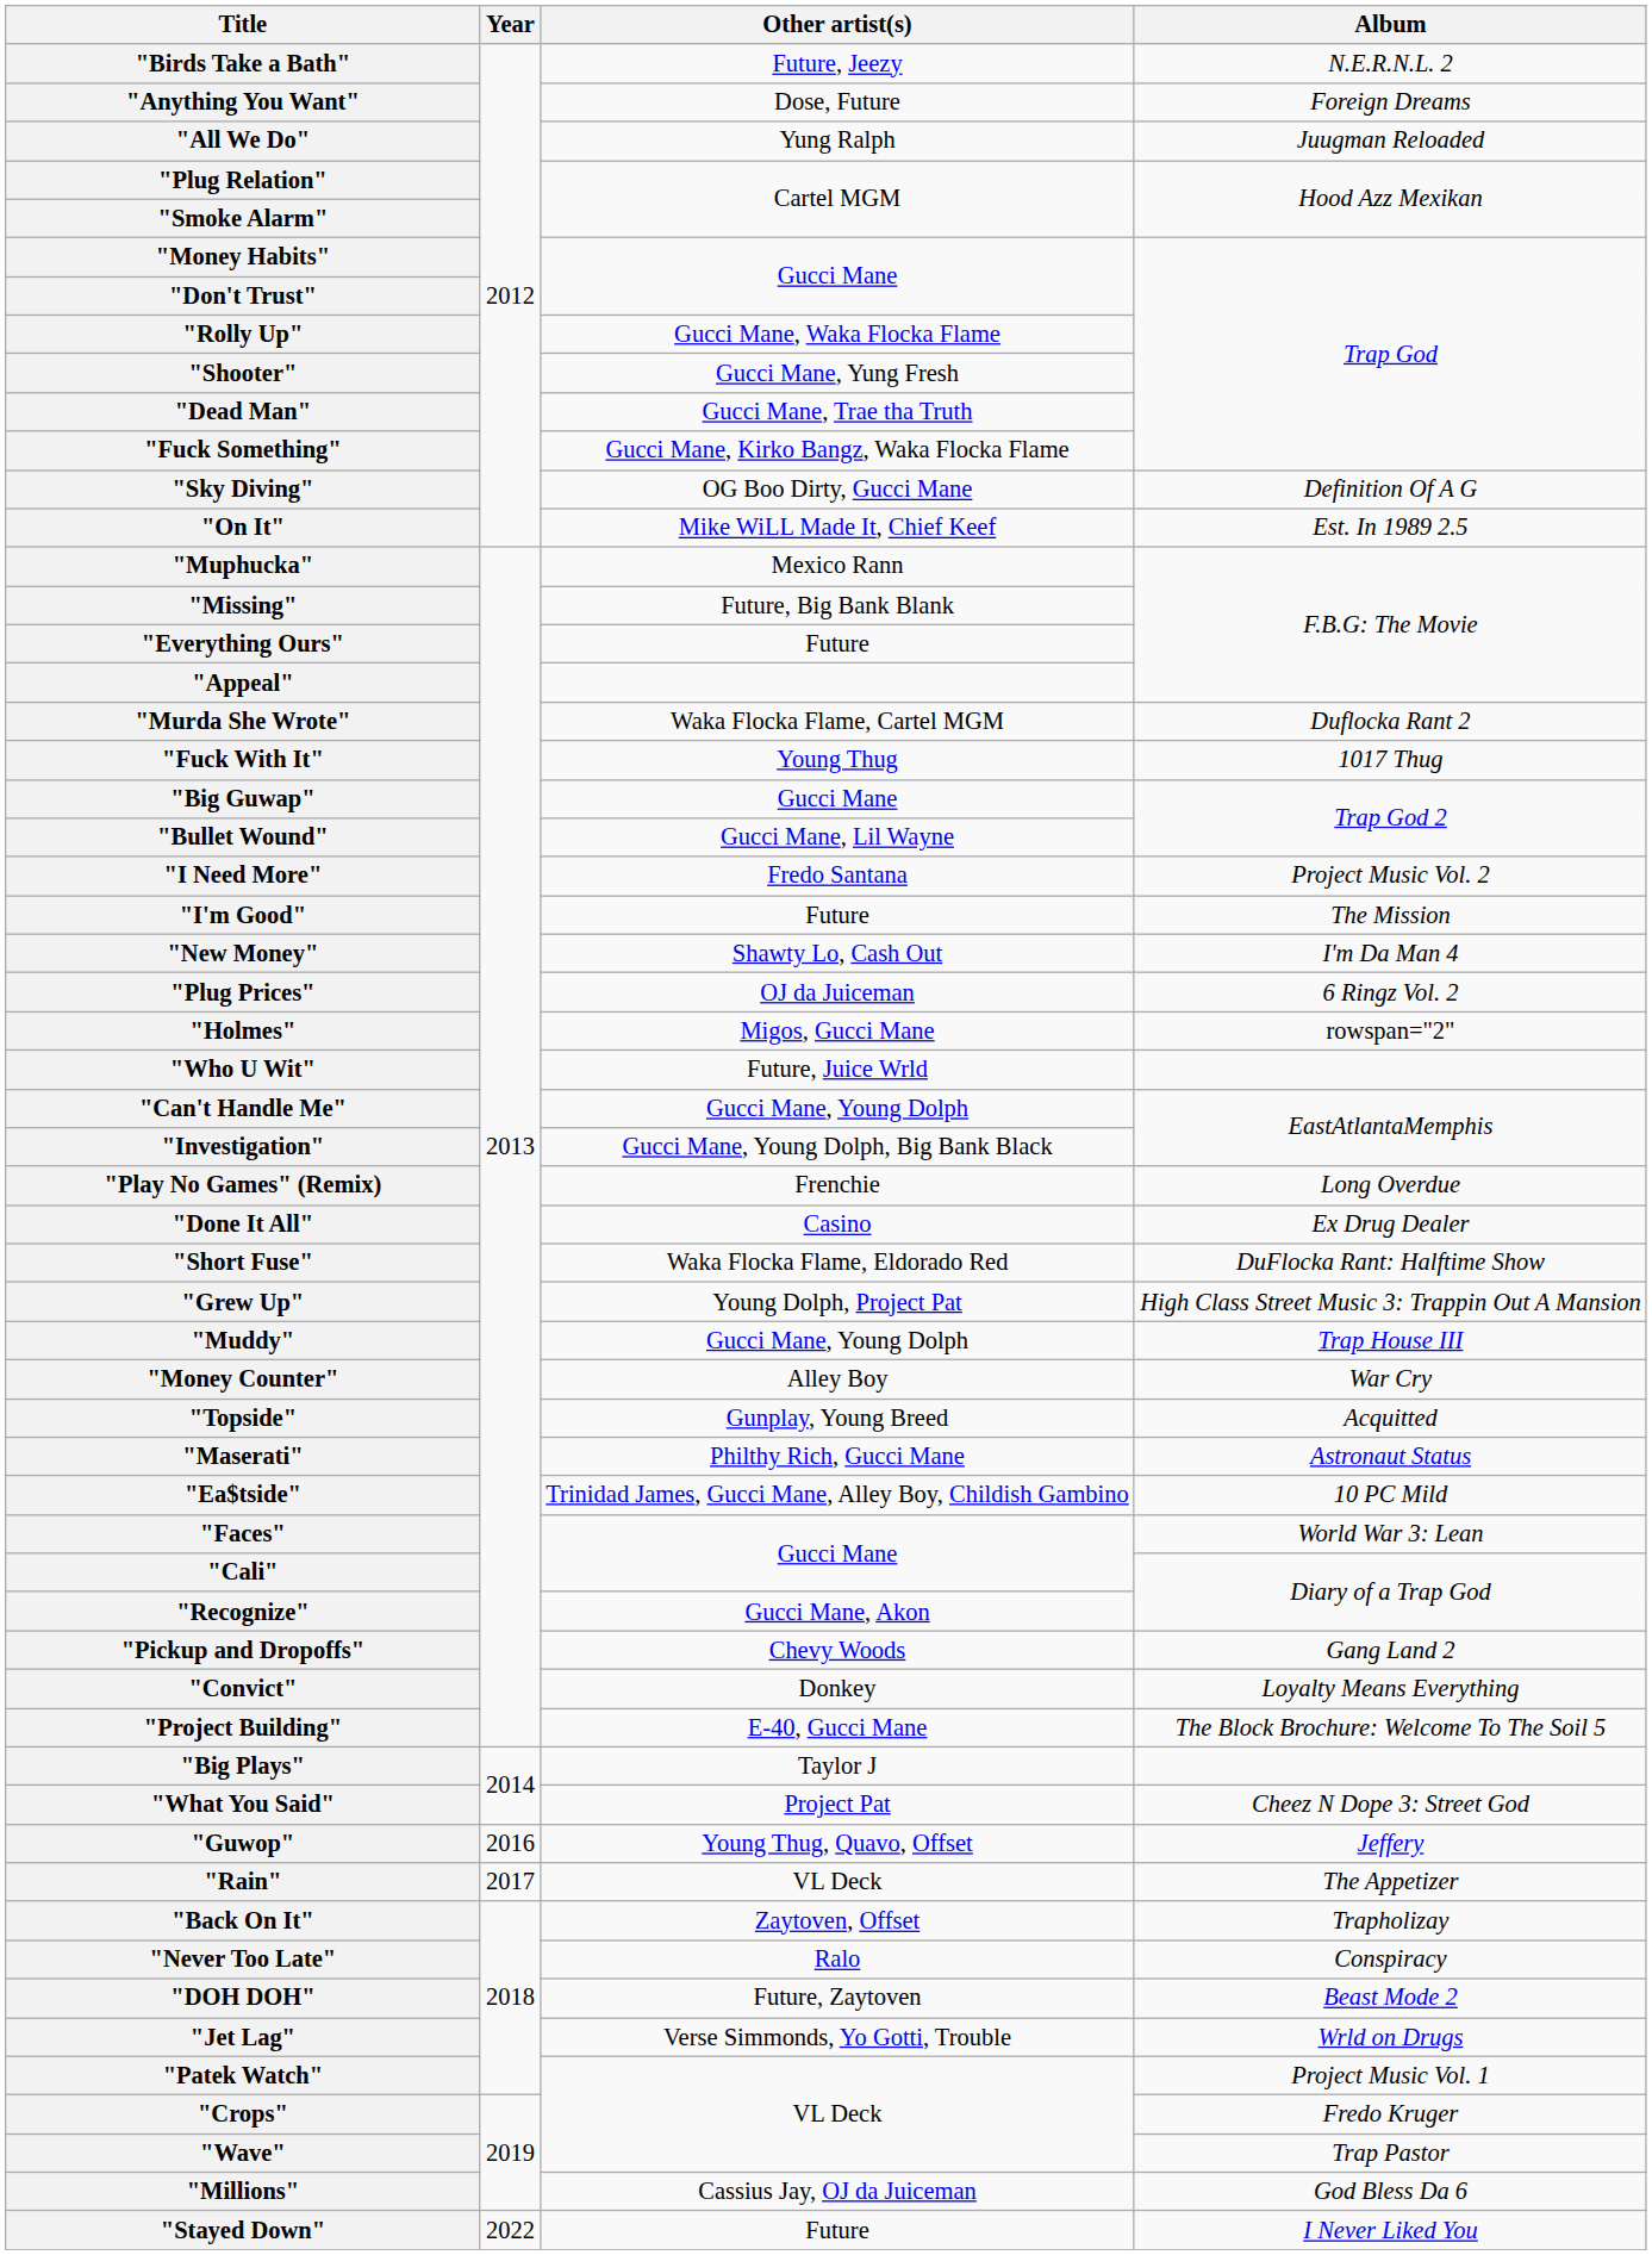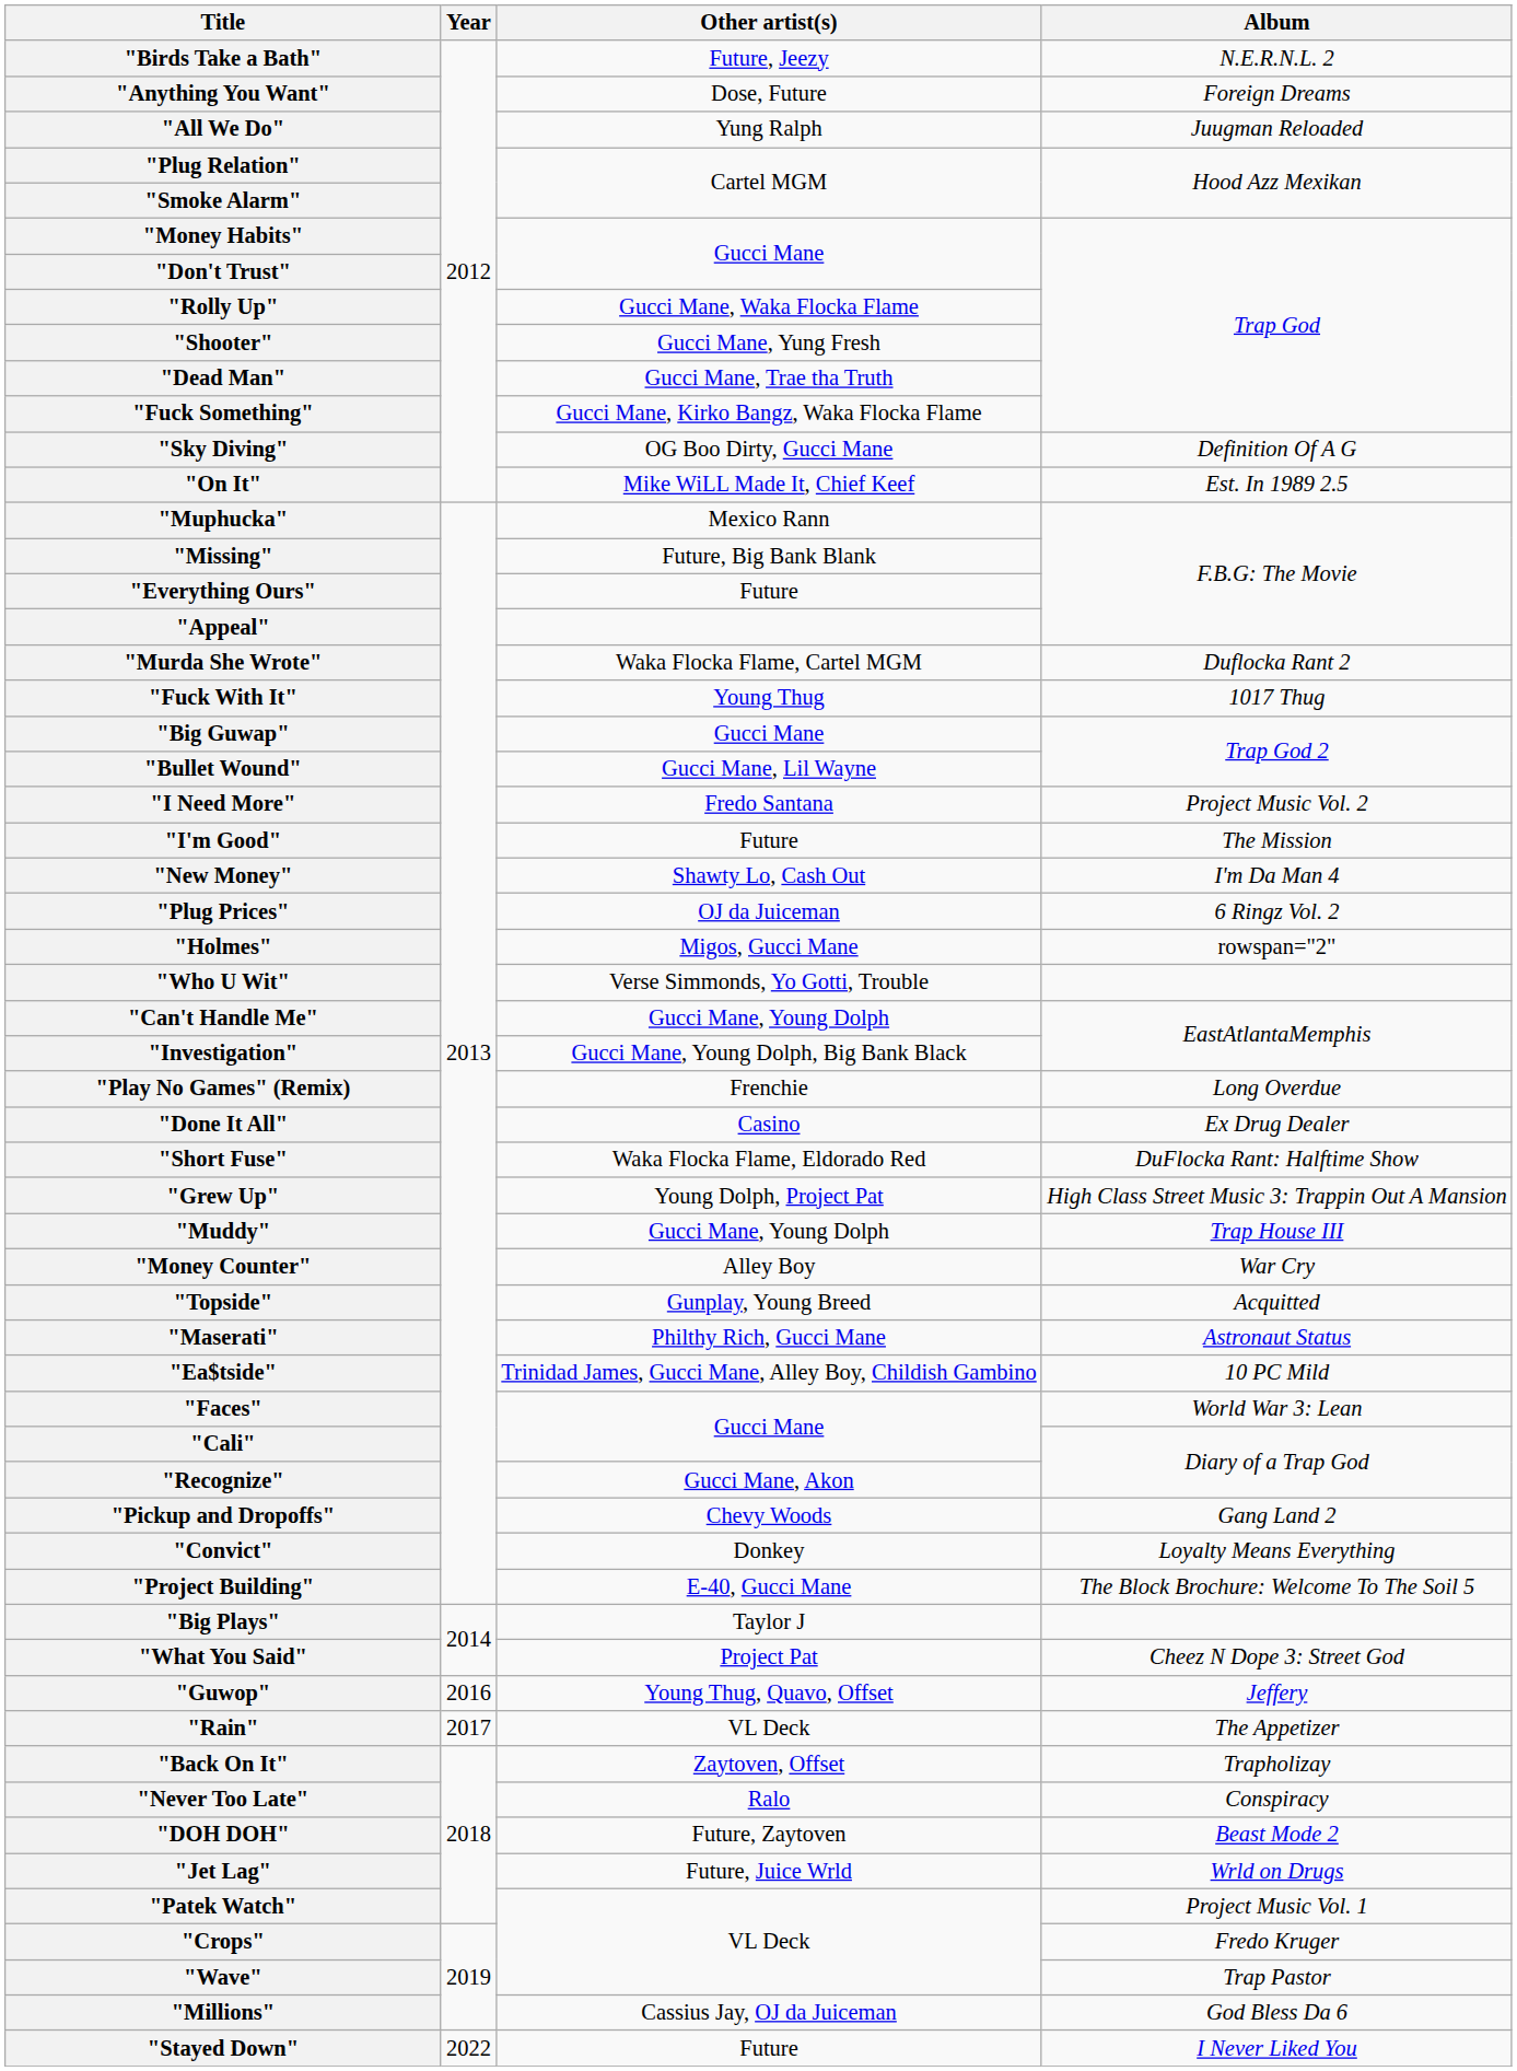 <table class="wikitable sortable plainrowheaders" style="text-align:center;">
 <tr>
 <th scope="col" style="width:19em;">Title</th>
 <th scope="col">Year</th>
 <th scope="col">Other artist(s)</th>
 <th scope="col">Album</th>
 </tr>
 <tr>
 <th scope="row">"Birds Take a Bath"</th>
 <td rowspan="13">2012</td>
 <td><a href='#'>Future</a>, <a href='#'>Jeezy</a></td>
 <td><em>N.E.R.N.L. 2</em></td>
 </tr>
 <tr>
 <th scope="row">"Anything You Want"</th>
 <td>Dose, Future</td>
 <td><em>Foreign Dreams</em></td>
 </tr>
 <tr>
 <th scope="row">"All We Do"</th>
 <td>Yung Ralph</td>
 <td><em>Juugman Reloaded</em></td>
 </tr>
 <tr>
 <th scope="row">"Plug Relation"</th>
 <td rowspan="2">Cartel MGM</td>
 <td rowspan="2"><em>Hood Azz Mexikan</em></td>
 </tr>
 <tr>
 <th scope="row">"Smoke Alarm"</th>
 </tr>
 <tr>
 <th scope="row">"Money Habits"</th>
 <td rowspan="2"><a href='#'>Gucci Mane</a></td>
 <td rowspan="6"><em><a href='#'>Trap God</a></em></td>
 </tr>
 <tr>
 <th scope="row">"Don't Trust"</th>
 </tr>
 <tr>
 <th scope="row">"Rolly Up"</th>
 <td><a href='#'>Gucci Mane</a>, <a href='#'>Waka Flocka Flame</a></td>
 </tr>
 <tr>
 <th scope="row">"Shooter"</th>
 <td><a href='#'>Gucci Mane</a>, Yung Fresh</td>
 </tr>
 <tr>
 <th scope="row">"Dead Man"</th>
 <td><a href='#'>Gucci Mane</a>, <a href='#'>Trae tha Truth</a></td>
 </tr>
 <tr>
 <th scope="row">"Fuck Something"</th>
 <td><a href='#'>Gucci Mane</a>, <a href='#'>Kirko Bangz</a>, Waka Flocka Flame</td>
 </tr>
 <tr>
 <th scope="row">"Sky Diving"</th>
 <td>OG Boo Dirty, <a href='#'>Gucci Mane</a></td>
 <td><em>Definition Of A G</em></td>
 </tr>
 <tr>
 <th scope="row">"On It"</th>
 <td><a href='#'>Mike WiLL Made It</a>, <a href='#'>Chief Keef</a></td>
 <td><em>Est. In 1989 2.5</em></td>
 </tr>
 <tr>
 <th scope="row">"Muphucka"</th>
 <td rowspan="31">2013</td>
 <td>Mexico Rann</td>
 <td rowspan="4"><em>F.B.G: The Movie</em></td>
 </tr>
 <tr>
 <th scope="row">"Missing"</th>
 <td>Future, Big Bank Blank</td>
 </tr>
 <tr>
 <th scope="row">"Everything Ours"</th>
 <td>Future</td>
 </tr>
 <tr>
 <th scope="row">"Appeal"</th>
 <td></td>
 </tr>
 <tr>
 <th scope="row">"Murda She Wrote"</th>
 <td>Waka Flocka Flame, Cartel MGM</td>
 <td><em>Duflocka Rant 2</em></td>
 </tr>
 <tr>
 <th scope="row">"Fuck With It"</th>
 <td><a href='#'>Young Thug</a></td>
 <td><em>1017 Thug</em></td>
 </tr>
 <tr>
 <th scope="row">"Big Guwap"</th>
 <td><a href='#'>Gucci Mane</a></td>
 <td rowspan="2"><em><a href='#'>Trap God 2</a></em></td>
 </tr>
 <tr>
 <th scope="row">"Bullet Wound"</th>
 <td><a href='#'>Gucci Mane</a>, <a href='#'>Lil Wayne</a></td>
 </tr>
 <tr>
 <th scope="row">"I Need More"</th>
 <td><a href='#'>Fredo Santana</a></td>
 <td><em>Project Music Vol. 2</em></td>
 </tr>
 <tr>
 <th scope="row">"I'm Good"</th>
 <td>Future</td>
 <td><em>The Mission</em></td>
 </tr>
 <tr>
 <th scope="row">"New Money"</th>
 <td><a href='#'>Shawty Lo</a>, <a href='#'>Cash Out</a></td>
 <td><em>I'm Da Man 4</em></td>
 </tr>
 <tr>
 <th scope="row">"Plug Prices"</th>
 <td><a href='#'>OJ da Juiceman</a></td>
 <td><em>6 Ringz Vol. 2</em></td>
 </tr>
 <tr>
 <th scope="row">"Holmes"</th>
 <td><a href='#'>Migos</a>, <a href='#'>Gucci Mane</a></td>
 <td>rowspan="2" </td>
 </tr>
 <tr>
 <th scope="row">"Who U Wit"</th>
-<td>Future, <a href='#'>Juice Wrld</a></td>
+<td>Verse Simmonds, <a href='#'>Yo Gotti</a>, Trouble</td>
 </tr>
 <tr>
 <th scope="row">"Can't Handle Me"</th>
 <td><a href='#'>Gucci Mane</a>, <a href='#'>Young Dolph</a></td>
 <td rowspan="2"><em>EastAtlantaMemphis</em></td>
 </tr>
 <tr>
 <th scope="row">"Investigation"</th>
 <td><a href='#'>Gucci Mane</a>, Young Dolph, Big Bank Black</td>
 </tr>
 <tr>
 <th scope="row">"Play No Games" (Remix)</th>
 <td>Frenchie</td>
 <td><em>Long Overdue</em></td>
 </tr>
 <tr>
 <th scope="row">"Done It All"</th>
 <td><a href='#'>Casino</a></td>
 <td><em>Ex Drug Dealer</em></td>
 </tr>
 <tr>
 <th scope="row">"Short Fuse"</th>
 <td>Waka Flocka Flame, Eldorado Red</td>
 <td><em>DuFlocka Rant: Halftime Show</em></td>
 </tr>
 <tr>
 <th scope="row">"Grew Up"</th>
 <td>Young Dolph, <a href='#'>Project Pat</a></td>
 <td><em>High Class Street Music 3: Trappin Out A Mansion</em></td>
 </tr>
 <tr>
 <th scope="row">"Muddy"</th>
 <td><a href='#'>Gucci Mane</a>, Young Dolph</td>
 <td><em><a href='#'>Trap House III</a></em></td>
 </tr>
 <tr>
 <th scope="row">"Money Counter"</th>
 <td>Alley Boy</td>
 <td><em>War Cry</em></td>
 </tr>
 <tr>
 <th scope="row">"Topside"</th>
 <td><a href='#'>Gunplay</a>, Young Breed</td>
 <td><em>Acquitted</em></td>
 </tr>
 <tr>
 <th scope="row">"Maserati"</th>
 <td><a href='#'>Philthy Rich</a>, <a href='#'>Gucci Mane</a></td>
 <td><em><a href='#'>Astronaut Status</a></em></td>
 </tr>
 <tr>
 <th scope="row">"Ea$tside"</th>
 <td><a href='#'>Trinidad James</a>, <a href='#'>Gucci Mane</a>, Alley Boy, <a href='#'>Childish Gambino</a></td>
 <td><em>10 PC Mild</em></td>
 </tr>
 <tr>
 <th scope="row">"Faces"</th>
 <td rowspan="2"><a href='#'>Gucci Mane</a></td>
 <td><em>World War 3: Lean</em></td>
 </tr>
 <tr>
 <th scope="row">"Cali"</th>
 <td rowspan="2"><em>Diary of a Trap God</em></td>
 </tr>
 <tr>
 <th scope="row">"Recognize"</th>
 <td><a href='#'>Gucci Mane</a>, <a href='#'>Akon</a></td>
 </tr>
 <tr>
 <th scope="row">"Pickup and Dropoffs"</th>
 <td><a href='#'>Chevy Woods</a></td>
 <td><em>Gang Land 2</em></td>
 </tr>
 <tr>
 <th scope="row">"Convict"</th>
 <td>Donkey</td>
 <td><em>Loyalty Means Everything</em></td>
 </tr>
 <tr>
 <th scope="row">"Project Building"</th>
 <td><a href='#'>E-40</a>, <a href='#'>Gucci Mane</a></td>
 <td><em>The Block Brochure: Welcome To The Soil 5</em></td>
 </tr>
 <tr>
 <th scope="row">"Big Plays"</th>
 <td rowspan="2">2014</td>
 <td>Taylor J</td>
 <td></td>
 </tr>
 <tr>
 <th scope="row">"What You Said"</th>
 <td><a href='#'>Project Pat</a></td>
 <td><em>Cheez N Dope 3: Street God</em></td>
 </tr>
 <tr>
 <th scope="row">"Guwop"</th>
 <td>2016</td>
 <td><a href='#'>Young Thug</a>, <a href='#'>Quavo</a>, <a href='#'>Offset</a></td>
 <td><em><a href='#'>Jeffery</a></em></td>
 </tr>
 <tr>
 <th scope="row">"Rain"</th>
 <td>2017</td>
 <td>VL Deck</td>
 <td><em>The Appetizer</em></td>
 </tr>
 <tr>
 <th scope="row">"Back On It"</th>
 <td rowspan="5">2018</td>
 <td><a href='#'>Zaytoven</a>, <a href='#'>Offset</a></td>
 <td><em>Trapholizay</em></td>
 </tr>
 <tr>
 <th scope="row">"Never Too Late"</th>
 <td><a href='#'>Ralo</a></td>
 <td><em>Conspiracy</em></td>
 </tr>
 <tr>
 <th scope="row">"DOH DOH"</th>
 <td>Future, Zaytoven</td>
 <td><em><a href='#'>Beast Mode 2</a></em></td>
 </tr>
 <tr>
 <th scope="row">"Jet Lag"</th>
-<td>Verse Simmonds, <a href='#'>Yo Gotti</a>, Trouble</td>
+<td>Future, <a href='#'>Juice Wrld</a></td>
 <td><em><a href='#'>Wrld on Drugs</a></em></td>
 </tr>
 <tr>
 <th scope="row">"Patek Watch"</th>
 <td rowspan="3">VL Deck</td>
 <td><em>Project Music Vol. 1</em></td>
 </tr>
 <tr>
 <th scope="row">"Crops"</th>
 <td rowspan="3">2019</td>
 <td><em>Fredo Kruger</em></td>
 </tr>
 <tr>
 <th scope="row">"Wave"</th>
 <td><em>Trap Pastor</em></td>
 </tr>
 <tr>
 <th scope="row">"Millions"</th>
 <td>Cassius Jay, <a href='#'>OJ da Juiceman</a></td>
 <td><em>God Bless Da 6</em></td>
 </tr>
 <tr>
 <th scope="row">"Stayed Down"</th>
 <td>2022</td>
 <td>Future</td>
 <td><em><a href='#'>I Never Liked You</a></em></td>
 </tr>
 </table>
